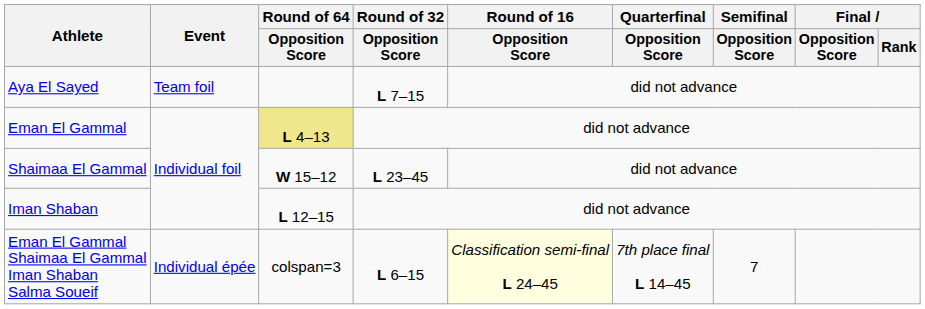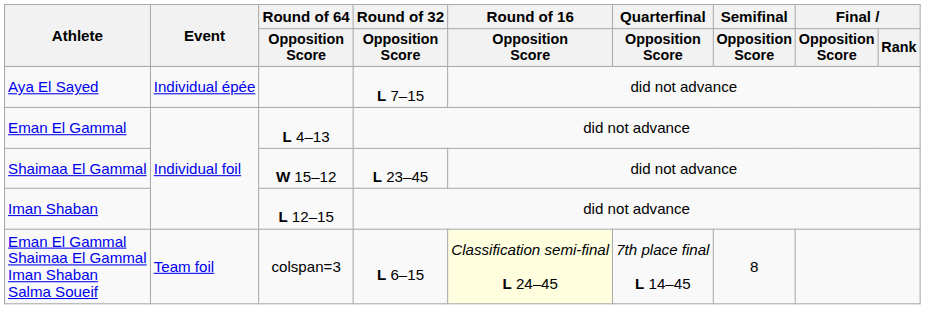 <table class="wikitable" style="font-size:90%">
 <tr>
 <th rowspan="2">Athlete</th>
 <th rowspan="2">Event</th>
 <th>Round of 64</th>
 <th>Round of 32</th>
 <th>Round of 16</th>
 <th>Quarterfinal</th>
 <th>Semifinal</th>
 <th colspan=2>Final / </th>
 </tr>
 <tr style="font-size:95%">
 <th>Opposition <br> Score</th>
 <th>Opposition <br> Score</th>
 <th>Opposition <br> Score</th>
 <th>Opposition <br> Score</th>
 <th>Opposition <br> Score</th>
 <th>Opposition <br> Score</th>
 <th>Rank</th>
 </tr>
 <tr align=center>
 <td align=left><a href='#'>Aya El Sayed</a></td>
-<td align=left><a href='#'>Team foil</a></td>
+<td align=left><a href='#'>Individual épée</a></td>
 <td></td>
 <td><br><strong>L</strong> 7–15</td>
 <td colspan=5>did not advance</td>
 </tr>
 <tr align=center>
 <td align=left><a href='#'>Eman El Gammal</a></td>
 <td align=left rowspan=3><a href='#'>Individual foil</a></td>
-<td style="background: khaki;"><br><strong>L</strong> 4–13</td>
+<td><br><strong>L</strong> 4–13</td>
 <td colspan=6>did not advance</td>
 </tr>
 <tr align=center>
 <td align=left><a href='#'>Shaimaa El Gammal</a></td>
 <td><br><strong>W</strong> 15–12</td>
 <td><br><strong>L</strong> 23–45</td>
 <td colspan=5>did not advance</td>
 </tr>
 <tr align=center>
 <td align=left><a href='#'>Iman Shaban</a></td>
 <td><br><strong>L</strong> 12–15</td>
 <td colspan=6>did not advance</td>
 </tr>
 <tr align=center>
 <td align=left><a href='#'>Eman El Gammal</a><br><a href='#'>Shaimaa El Gammal</a><br><a href='#'>Iman Shaban</a><br><a href='#'>Salma Soueif</a></td>
-<td align=left><a href='#'>Individual épée</a></td>
+<td align=left><a href='#'>Team foil</a></td>
 <td>colspan=3 </td>
 <td><br><strong>L</strong> 6–15</td>
 <td style="background: lightyellow;"><em>Classification semi-final</em><br><br><strong>L</strong> 24–45</td>
 <td><em>7th place final</em><br><br><strong>L</strong> 14–45</td>
-<td>7</td>
+<td>8</td>
 </tr>
 </table>
